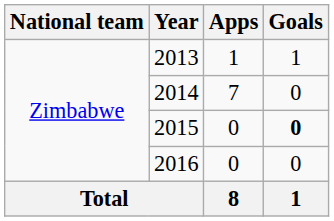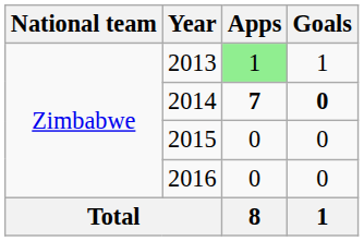 <table class="wikitable" style="text-align:center">
 <tr>
 <th>National team</th>
 <th>Year</th>
 <th>Apps</th>
 <th>Goals</th>
 </tr>
 <tr>
 <td rowspan="4"><a href='#'>Zimbabwe</a></td>
 <td>2013</td>
-<td>1</td>
+<td style="background: lightgreen;">1</td>
 <td>1</td>
 </tr>
 <tr>
 <td>2014</td>
-<td>7</td>
-<td>0</td>
+<td><strong>7</strong></td>
+<td><strong>0</strong></td>
 </tr>
 <tr>
 <td>2015</td>
 <td>0</td>
-<td><strong>0</strong></td>
+<td>0</td>
 </tr>
 <tr>
 <td>2016</td>
 <td>0</td>
 <td>0</td>
 </tr>
 <tr>
 <th colspan=2>Total</th>
 <th>8</th>
 <th>1</th>
 </tr>
 </table>
